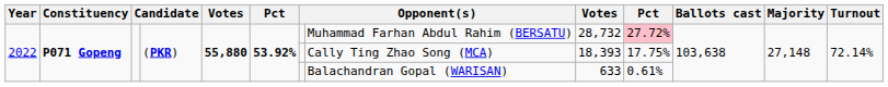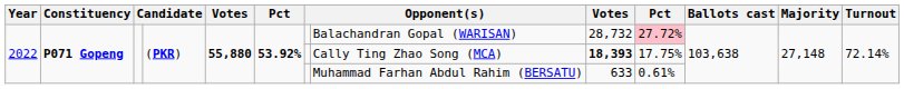 <table class="wikitable" style="margin:0.5em ; font-size:95%">
 <tr>
 <th>Year</th>
 <th>Constituency</th>
 <th colspan="2">Candidate</th>
 <th>Votes</th>
 <th>Pct</th>
 <th colspan="2">Opponent(s)</th>
 <th>Votes</th>
 <th>Pct</th>
 <th>Ballots cast</th>
 <th>Majority</th>
 <th>Turnout</th>
 </tr>
 <tr>
 <td rowspan="3"><a href='#'>2022</a></td>
 <td rowspan="3"><strong>P071 <a href='#'>Gopeng</a></strong></td>
 <td rowspan="3" ></td>
 <td rowspan="3"> (<a href='#'><strong>PKR</strong></a>)</td>
 <td rowspan="3" align="right"><strong>55,880</strong></td>
 <td rowspan="3"><strong>53.92%</strong></td>
 <td bgcolor=></td>
-<td>Muhammad Farhan Abdul Rahim (<a href='#'>BERSATU</a>)</td>
+<td>Balachandran Gopal (<a href='#'>WARISAN</a>)</td>
 <td align="right">28,732</td>
 <td style="background: pink;">27.72%</td>
 <td rowspan="3">103,638</td>
 <td rowspan="3">27,148</td>
 <td rowspan="3">72.14%</td>
 </tr>
 <tr>
 <td></td>
 <td>Cally Ting Zhao Song (<a href='#'>MCA</a>)</td>
-<td align="right">18,393</td>
+<td align="right"><strong>18,393</strong></td>
 <td>17.75%</td>
 </tr>
 <tr>
 <td></td>
-<td>Balachandran Gopal (<a href='#'>WARISAN</a>)</td>
+<td>Muhammad Farhan Abdul Rahim (<a href='#'>BERSATU</a>)</td>
 <td align="right">633</td>
 <td>0.61%</td>
 </tr>
 </table>
